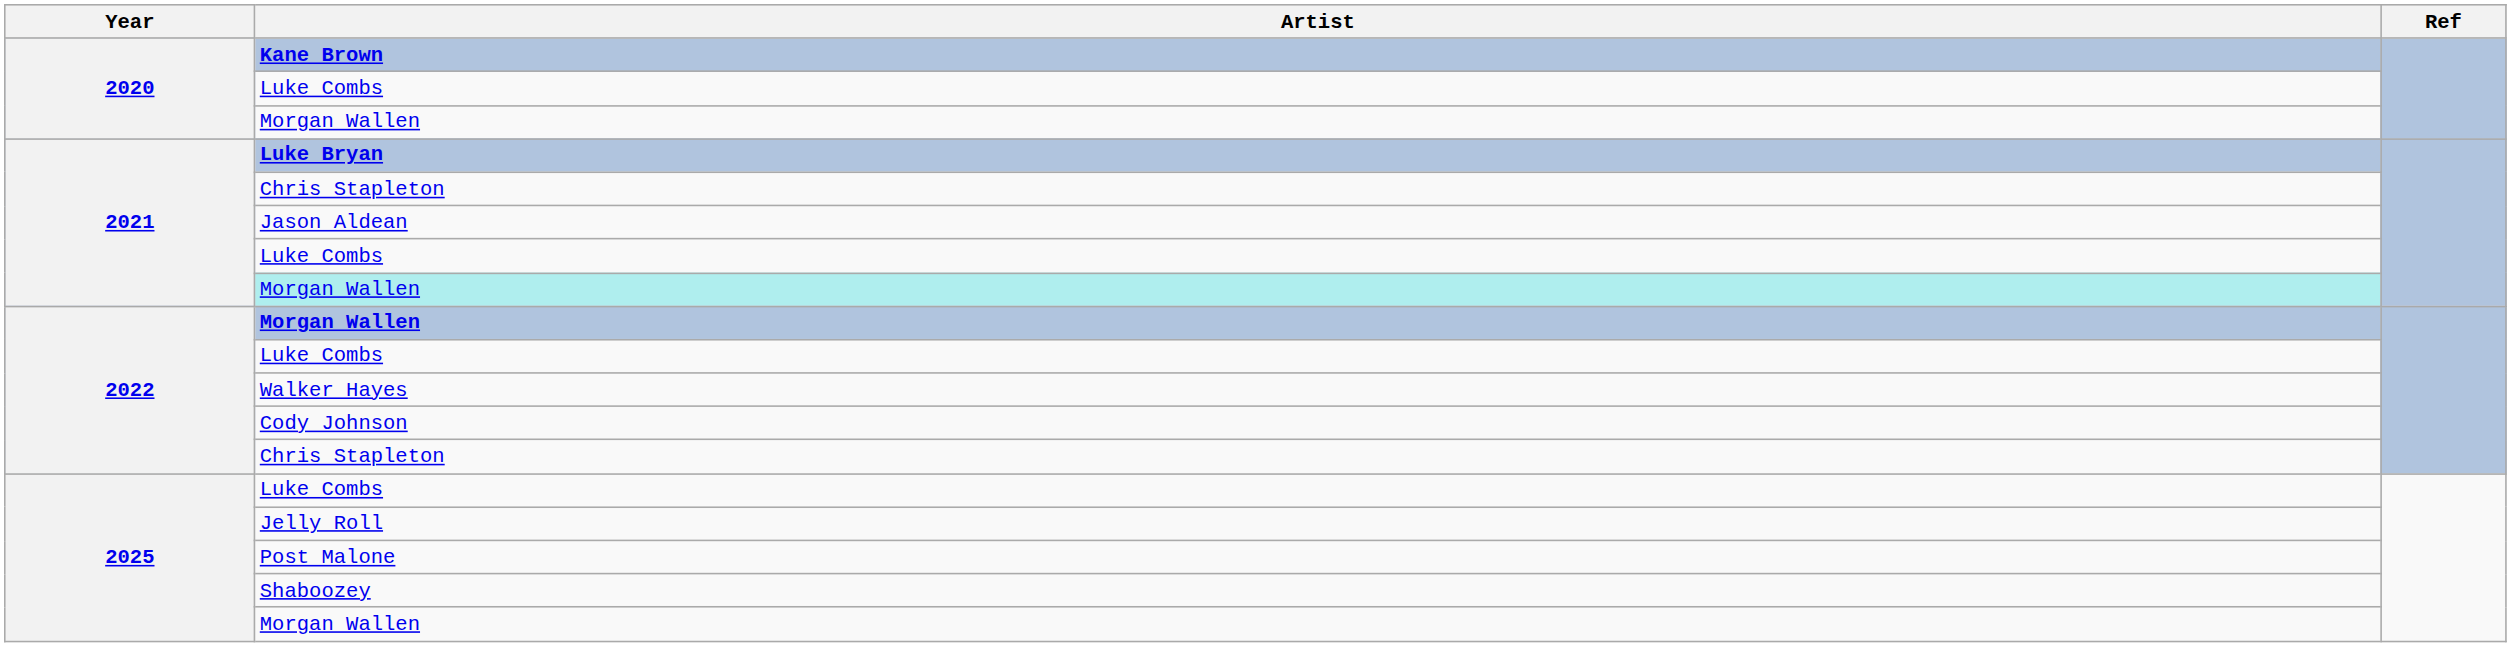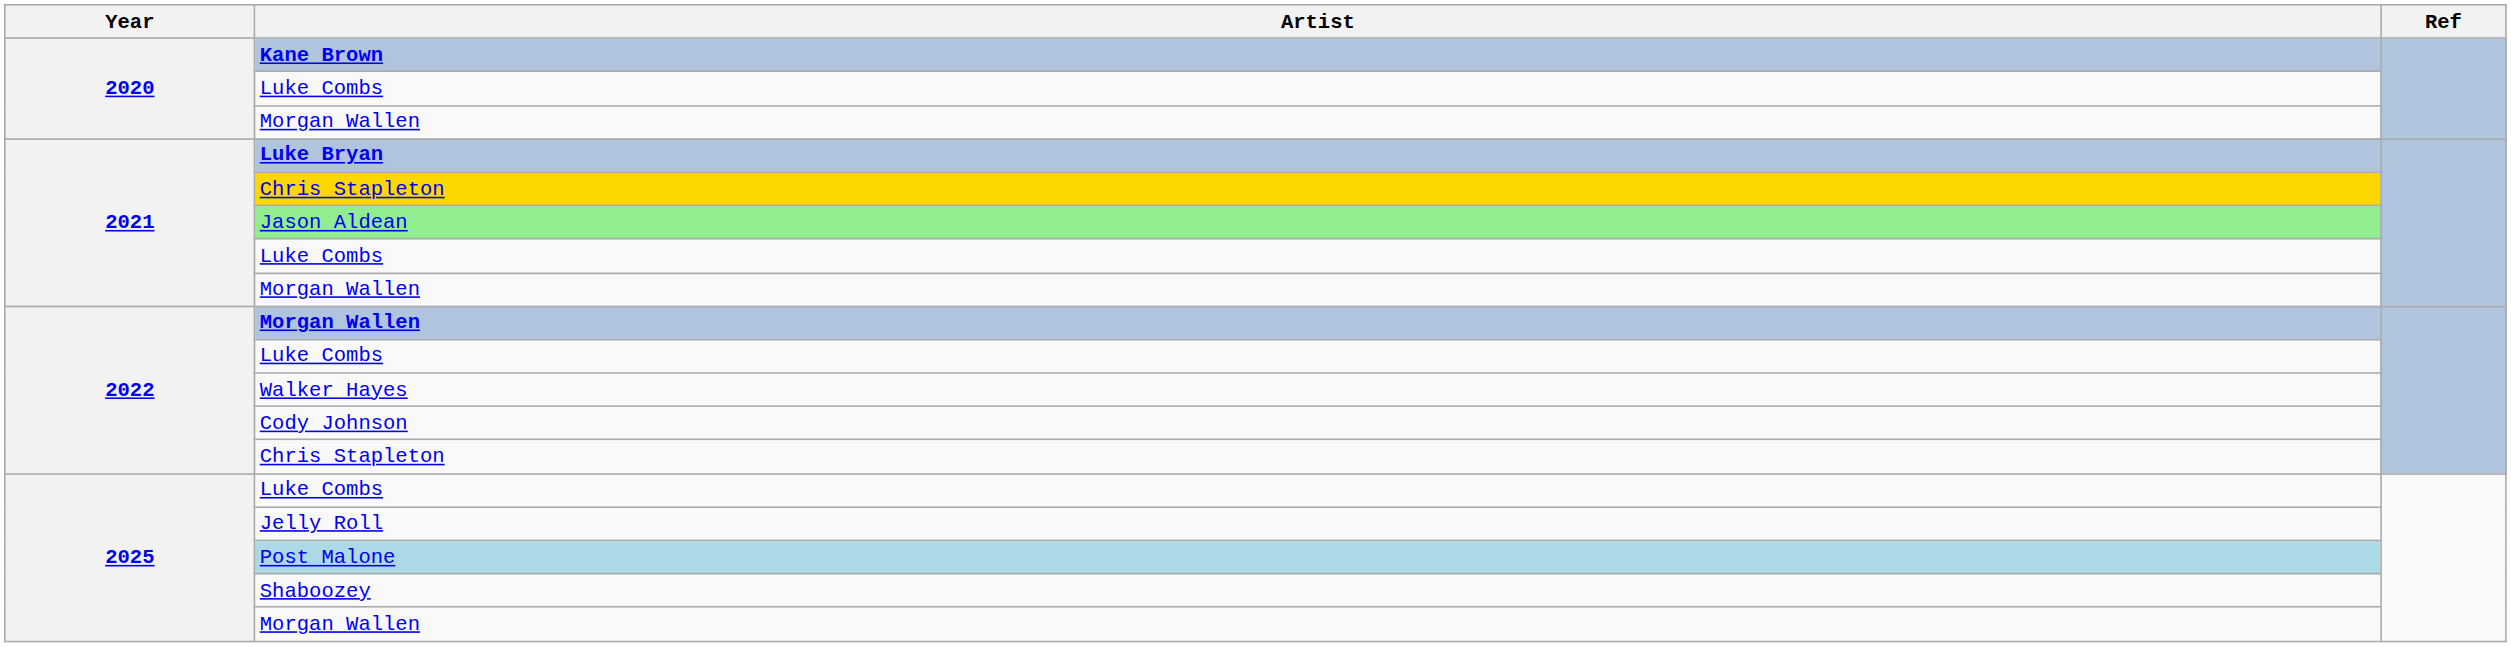 <table class="wikitable" width="100%">
 <tr>
 <th width="10%">Year</th>
 <th width="85%">Artist</th>
 <th width="5%">Ref</th>
 </tr>
 <tr style="background:#B0C4DE">
 <th rowspan="3"><a href='#'>2020<br></a></th>
 <td><strong><a href='#'>Kane Brown</a></strong></td>
 <td rowspan="3" align="center"></td>
 </tr>
 <tr>
 <td><a href='#'>Luke Combs</a></td>
 </tr>
 <tr>
 <td><a href='#'>Morgan Wallen</a></td>
 </tr>
 <tr style="background:#B0C4DE">
 <th rowspan="5"><a href='#'>2021<br></a></th>
 <td><strong><a href='#'>Luke Bryan</a></strong></td>
 <td rowspan="5" align="center"></td>
 </tr>
 <tr>
-<td><a href='#'>Chris Stapleton</a></td>
+<td style="background: gold;"><a href='#'>Chris Stapleton</a></td>
 </tr>
 <tr>
-<td><a href='#'>Jason Aldean</a></td>
+<td style="background: lightgreen;"><a href='#'>Jason Aldean</a></td>
 </tr>
 <tr>
 <td><a href='#'>Luke Combs</a></td>
 </tr>
 <tr>
-<td style="background: paleturquoise;"><a href='#'>Morgan Wallen</a></td>
+<td><a href='#'>Morgan Wallen</a></td>
 </tr>
 <tr style="background:#B0C4DE">
 <th rowspan="5"><a href='#'>2022<br></a></th>
 <td><strong><a href='#'>Morgan Wallen</a></strong></td>
 <td rowspan="5" align="center"></td>
 </tr>
 <tr>
 <td><a href='#'>Luke Combs</a></td>
 </tr>
 <tr>
 <td><a href='#'>Walker Hayes</a></td>
 </tr>
 <tr>
 <td><a href='#'>Cody Johnson</a></td>
 </tr>
 <tr>
 <td><a href='#'>Chris Stapleton</a></td>
 </tr>
 <tr>
 <th rowspan="5"><a href='#'>2025<br></a></th>
 <td><a href='#'>Luke Combs</a></td>
 <td rowspan="5"></td>
 </tr>
 <tr>
 <td><a href='#'>Jelly Roll</a></td>
 </tr>
 <tr>
-<td><a href='#'>Post Malone</a></td>
+<td style="background: lightblue;"><a href='#'>Post Malone</a></td>
 </tr>
 <tr>
 <td><a href='#'>Shaboozey</a></td>
 </tr>
 <tr>
 <td><a href='#'>Morgan Wallen</a></td>
 </tr>
 </table>
